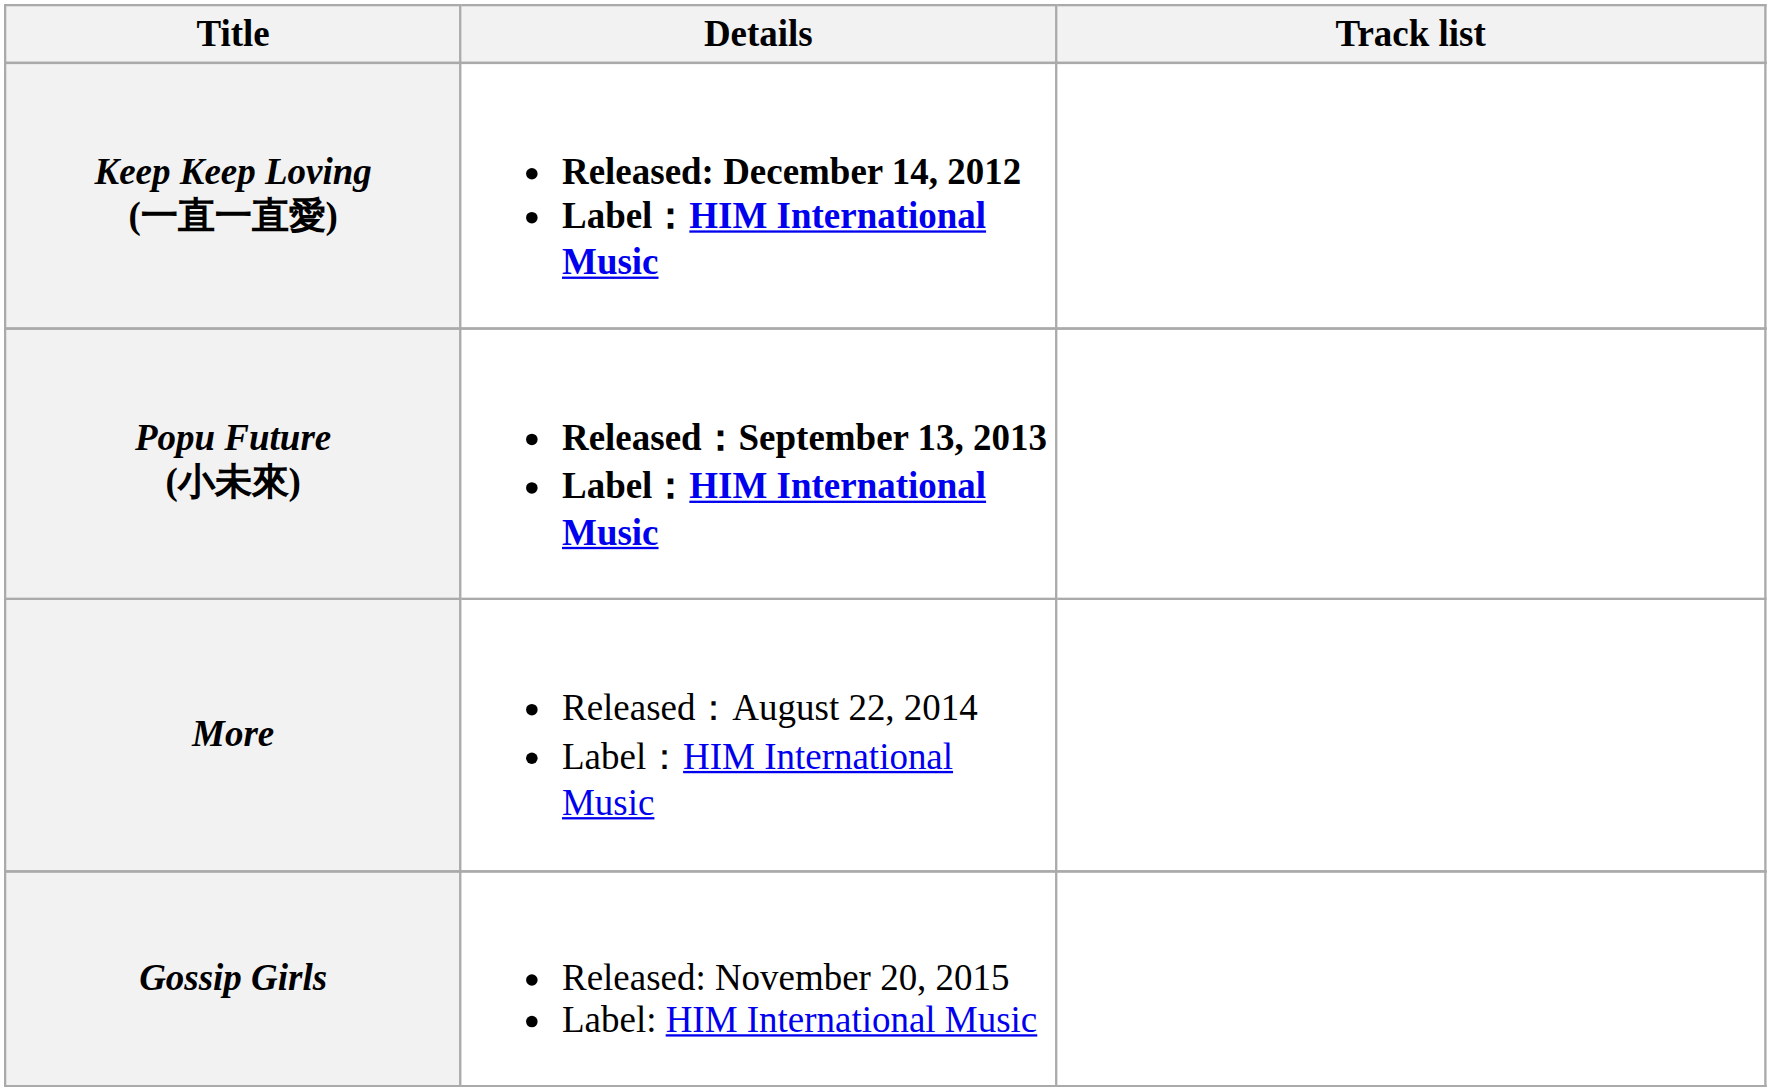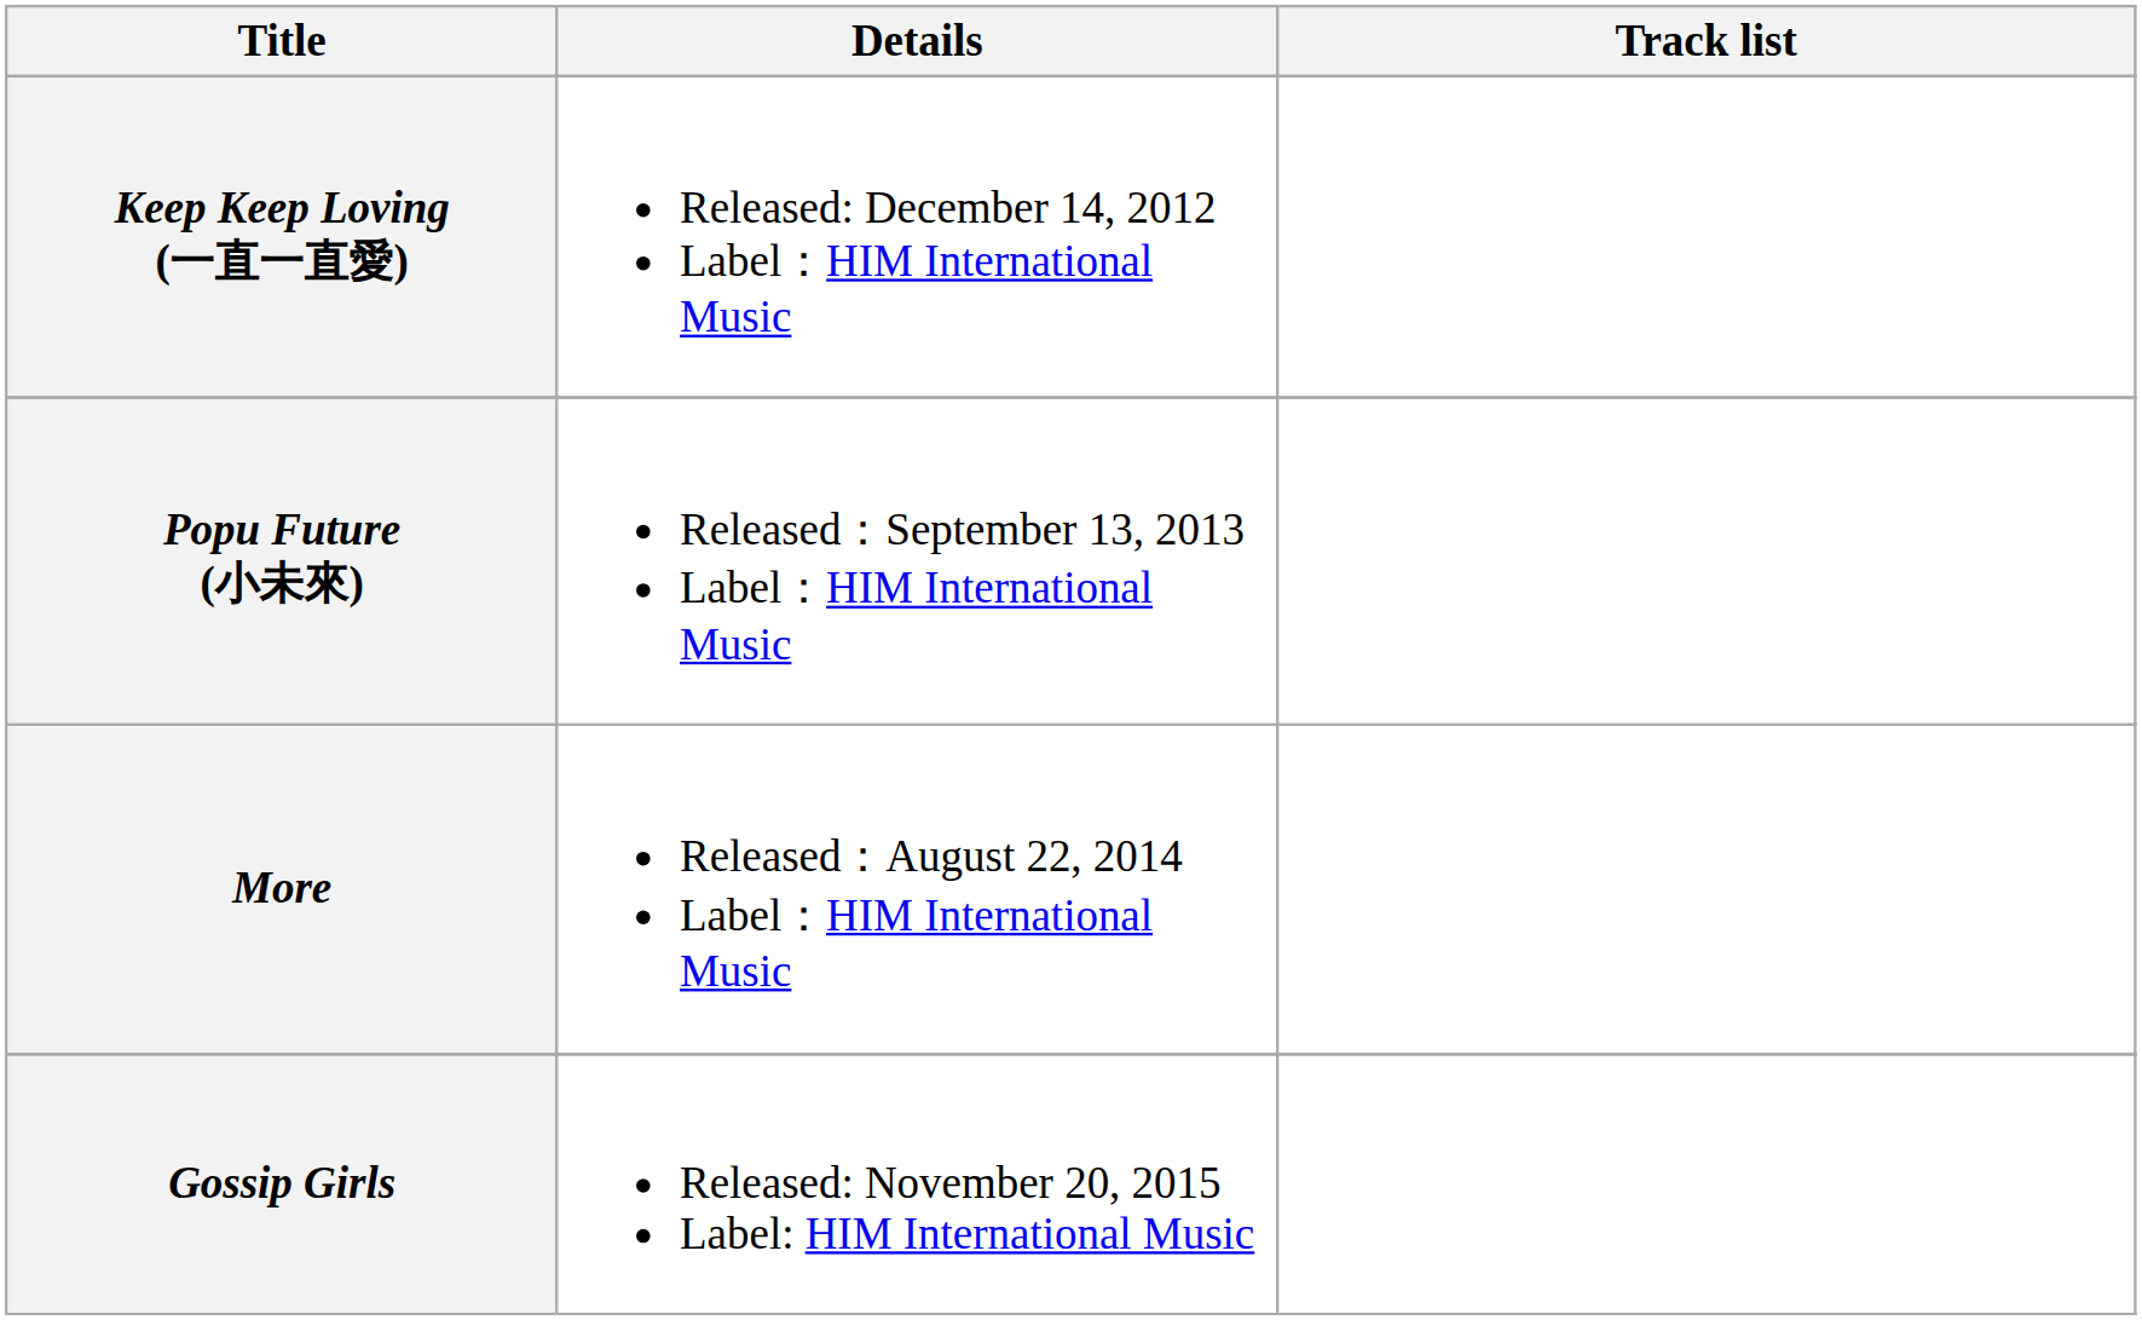 <table class="wikitable plainrowheaders">
 <tr>
 <th align="left" width="190px">Title</th>
 <th align="left" width="250px">Details</th>
 <th align="left" width="300px">Track list</th>
 </tr>
 <tr>
 </tr>
 <tr bgcolor="#FFFFFF">
 <th scope="row"><em>Keep Keep Loving</em><br>(一直一直愛)</th>
-<td align="left"><strong><br><ul><li>Released: December 14, 2012</li><li>Label：<a href='#'>HIM International Music</a></li></ul></strong></td>
+<td align="left"><br><ul><li>Released: December 14, 2012</li><li>Label：<a href='#'>HIM International Music</a></li></ul></td>
 <td align="left" style="font-size: 90%;"><br></td>
 </tr>
 <tr>
 </tr>
 <tr bgcolor="#FFFFFF">
 <th scope="row"><em>Popu Future</em><br>(小未來)</th>
-<td align="left"><strong><br><ul><li>Released：September 13, 2013</li><li>Label：<a href='#'>HIM International Music</a></li></ul></strong></td>
+<td align="left"><br><ul><li>Released：September 13, 2013</li><li>Label：<a href='#'>HIM International Music</a></li></ul></td>
 <td align="left" style="font-size: 90%;"><br></td>
 </tr>
 <tr bgcolor="#FFFFFF">
 <th scope="row"><em>More</em></th>
 <td align="left"><br><ul><li>Released：August 22, 2014</li><li>Label：<a href='#'>HIM International Music</a></li></ul></td>
 <td align="left" style="font-size: 90%;"><br></td>
 </tr>
 <tr>
 </tr>
 <tr bgcolor="#FFFFFF">
 <th scope="row"><em>Gossip Girls</em></th>
 <td align="left"><br><ul><li>Released: November 20, 2015</li><li>Label: <a href='#'>HIM International Music</a></li></ul></td>
 <td align="left" style="font-size: 90%;"><br></td>
 </tr>
 <tr>
 </tr>
 </table>
